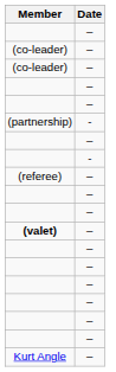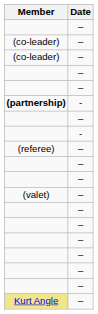 <table class="wikitable sortable" style="text-align:center;">
 <tr>
 <th>Member</th>
 <th>Date</th>
 </tr>
 <tr>
 <td></td>
 <td> – </td>
 </tr>
 <tr>
 <td> (co-leader)</td>
 <td> – </td>
 </tr>
 <tr>
 <td> (co-leader)</td>
 <td> – </td>
 </tr>
 <tr>
 <td></td>
 <td> – </td>
 </tr>
 <tr>
 <td></td>
 <td> – </td>
 </tr>
 <tr>
-<td> (partnership)</td>
+<td><strong> (partnership)</strong></td>
 <td> - </td>
 </tr>
 <tr>
 <td></td>
 <td> – </td>
 </tr>
 <tr>
 <td></td>
 <td> - </td>
 </tr>
 <tr>
 <td> (referee)</td>
 <td> – </td>
 </tr>
 <tr>
 <td></td>
 <td> – </td>
 </tr>
 <tr>
 <td></td>
 <td> – </td>
 </tr>
 <tr>
-<td><strong> (valet)</strong></td>
+<td> (valet)</td>
 <td> – </td>
 </tr>
 <tr>
 <td></td>
 <td> – </td>
 </tr>
 <tr>
 <td></td>
 <td> – </td>
 </tr>
 <tr>
 <td></td>
 <td> – </td>
 </tr>
 <tr>
 <td></td>
 <td> – </td>
 </tr>
 <tr>
 <td></td>
 <td> – </td>
 </tr>
 <tr>
 <td></td>
 <td> – </td>
 </tr>
 <tr>
-<td {{sort><a href='#'>Kurt Angle</a></td>
+<td {{sort style="background: khaki;"><a href='#'>Kurt Angle</a></td>
 <td> – </td>
 </tr>
 </table>
